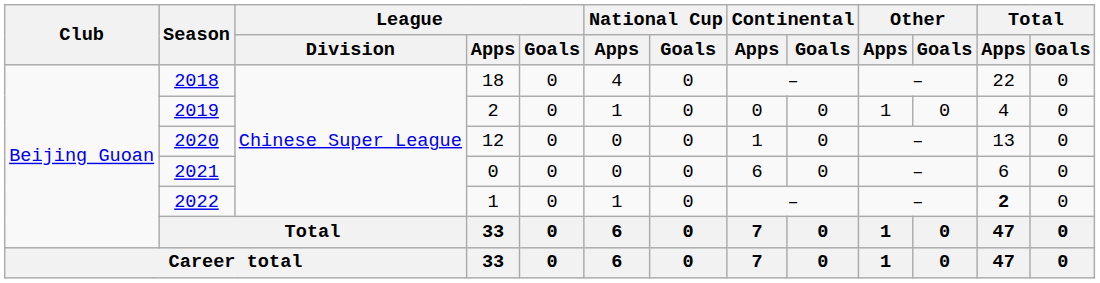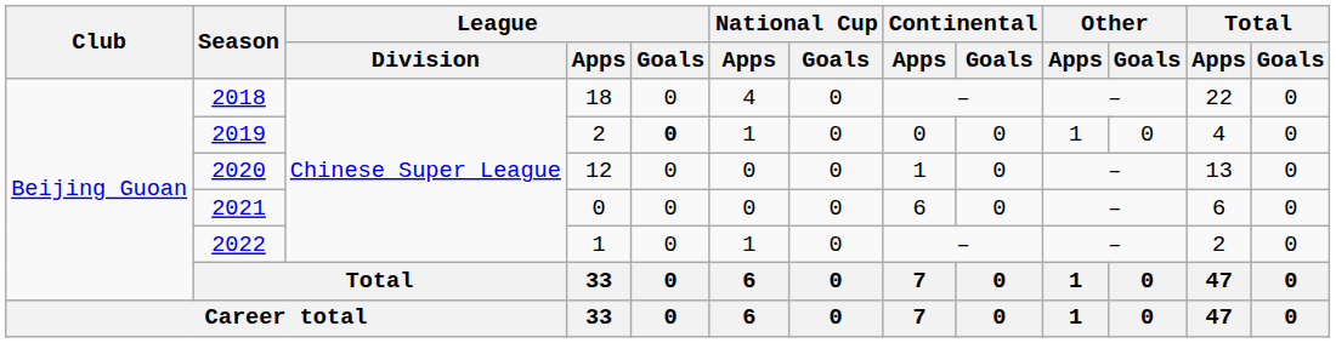 <table class="wikitable" style="text-align: center">
 <tr>
 <th rowspan="2">Club</th>
 <th rowspan="2">Season</th>
 <th colspan="3">League</th>
 <th colspan="2">National Cup</th>
 <th colspan="2">Continental</th>
 <th colspan="2">Other</th>
 <th colspan="2">Total</th>
 </tr>
 <tr>
 <th>Division</th>
 <th>Apps</th>
 <th>Goals</th>
 <th>Apps</th>
 <th>Goals</th>
 <th>Apps</th>
 <th>Goals</th>
 <th>Apps</th>
 <th>Goals</th>
 <th>Apps</th>
 <th>Goals</th>
 </tr>
 <tr>
 <td rowspan="6"><a href='#'>Beijing Guoan</a></td>
 <td><a href='#'>2018</a></td>
 <td rowspan="5"><a href='#'>Chinese Super League</a></td>
 <td>18</td>
 <td>0</td>
 <td>4</td>
 <td>0</td>
 <td colspan="2">–</td>
 <td colspan="2">–</td>
 <td>22</td>
 <td>0</td>
 </tr>
 <tr>
 <td><a href='#'>2019</a></td>
 <td>2</td>
-<td>0</td>
+<td><strong>0</strong></td>
 <td>1</td>
 <td>0</td>
 <td>0</td>
 <td>0</td>
 <td>1</td>
 <td>0</td>
 <td>4</td>
 <td>0</td>
 </tr>
 <tr>
 <td><a href='#'>2020</a></td>
 <td>12</td>
 <td>0</td>
 <td>0</td>
 <td>0</td>
 <td>1</td>
 <td>0</td>
 <td colspan="2">–</td>
 <td>13</td>
 <td>0</td>
 </tr>
 <tr>
 <td><a href='#'>2021</a></td>
 <td>0</td>
 <td>0</td>
 <td>0</td>
 <td>0</td>
 <td>6</td>
 <td>0</td>
 <td colspan="2">–</td>
 <td>6</td>
 <td>0</td>
 </tr>
 <tr>
 <td><a href='#'>2022</a></td>
 <td>1</td>
 <td>0</td>
 <td>1</td>
 <td>0</td>
 <td colspan="2">–</td>
 <td colspan="2">–</td>
-<td><strong>2</strong></td>
+<td>2</td>
 <td>0</td>
 </tr>
 <tr>
 <th colspan="2"><strong>Total</strong></th>
 <th>33</th>
 <th>0</th>
 <th>6</th>
 <th>0</th>
 <th>7</th>
 <th>0</th>
 <th>1</th>
 <th>0</th>
 <th>47</th>
 <th>0</th>
 </tr>
 <tr>
 <th colspan=3>Career total</th>
 <th>33</th>
 <th>0</th>
 <th>6</th>
 <th>0</th>
 <th>7</th>
 <th>0</th>
 <th>1</th>
 <th>0</th>
 <th>47</th>
 <th>0</th>
 </tr>
 </table>
